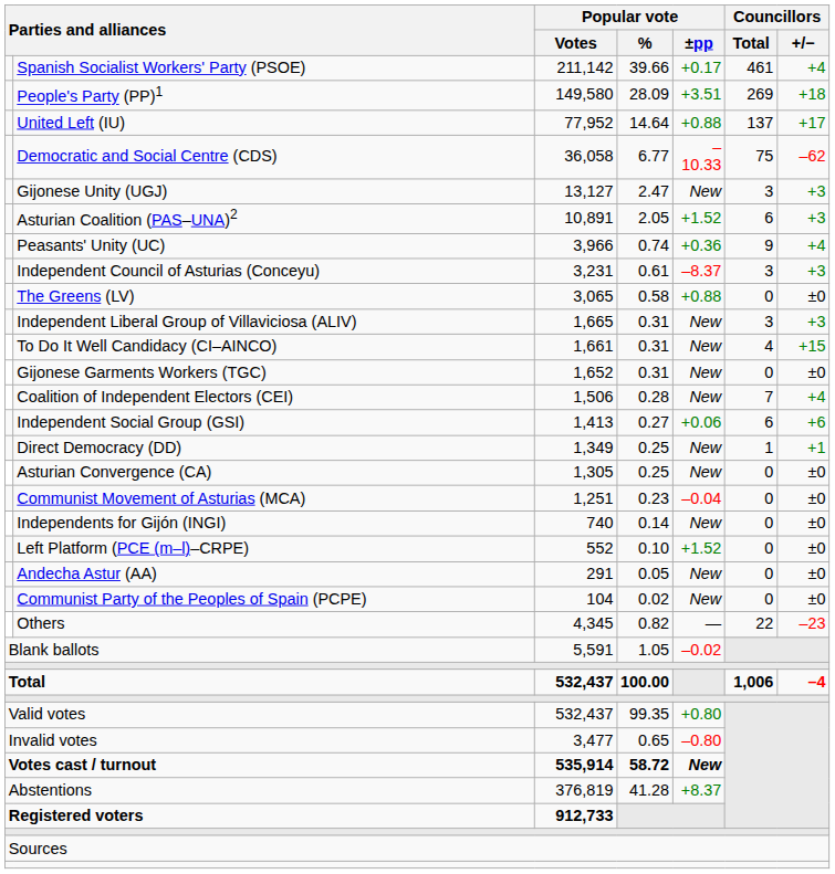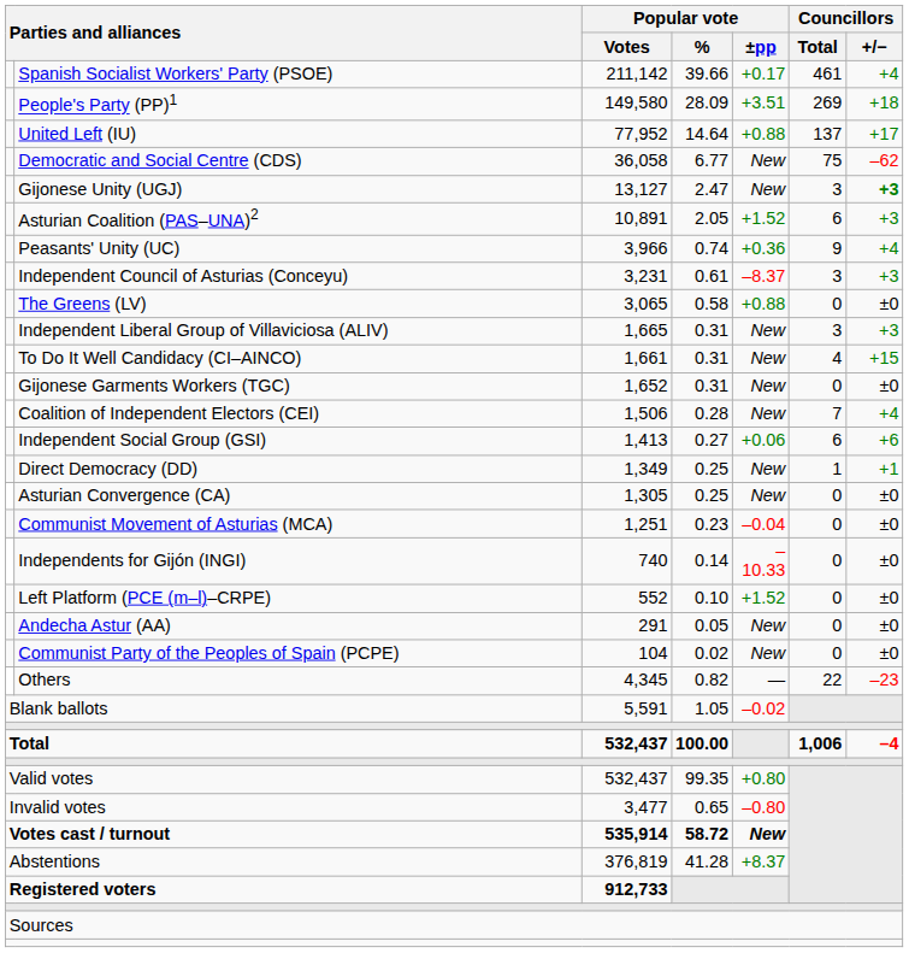 <table class="wikitable" style="text-align:right;">
 <tr>
 <th style="text-align:left;" rowspan="2" colspan="2" width="525">Parties and alliances</th>
 <th colspan="3">Popular vote</th>
 <th colspan="2">Councillors</th>
 </tr>
 <tr>
 <th width="75">Votes</th>
 <th width="45">%</th>
 <th width="45">±<a href='#'>pp</a></th>
 <th width="45">Total</th>
 <th width="45">+/−</th>
 </tr>
 <tr>
 <td width="1" style="color:inherit;background:"></td>
 <td align="left"><a href='#'>Spanish Socialist Workers' Party</a> (PSOE)</td>
 <td>211,142</td>
 <td>39.66</td>
 <td style="color:green;">+0.17</td>
 <td>461</td>
 <td style="color:green;">+4</td>
 </tr>
 <tr>
 <td style="color:inherit;background:"></td>
 <td align="left"><a href='#'>People's Party</a> (PP)<sup>1</sup></td>
 <td>149,580</td>
 <td>28.09</td>
 <td style="color:green;">+3.51</td>
 <td>269</td>
 <td style="color:green;">+18</td>
 </tr>
 <tr>
 <td style="color:inherit;background:"></td>
 <td align="left"><a href='#'>United Left</a> (IU)</td>
 <td>77,952</td>
 <td>14.64</td>
 <td style="color:green;">+0.88</td>
 <td>137</td>
 <td style="color:green;">+17</td>
 </tr>
 <tr>
 <td style="color:inherit;background:"></td>
 <td align="left"><a href='#'>Democratic and Social Centre</a> (CDS)</td>
 <td>36,058</td>
 <td>6.77</td>
-<td style="color:red;">–10.33</td>
+<td><em>New</em></td>
 <td>75</td>
 <td style="color:red;">–62</td>
 </tr>
 <tr>
 <td style="color:inherit;background:"></td>
 <td align="left">Gijonese Unity (UGJ)</td>
 <td>13,127</td>
 <td>2.47</td>
 <td><em>New</em></td>
 <td>3</td>
-<td style="color:green;">+3</td>
+<td style="color:green;"><strong>+3</strong></td>
 </tr>
 <tr>
 <td style="color:inherit;background:"></td>
 <td align="left">Asturian Coalition (<a href='#'>PAS</a>–<a href='#'>UNA</a>)<sup>2</sup></td>
 <td>10,891</td>
 <td>2.05</td>
 <td style="color:green;">+1.52</td>
 <td>6</td>
 <td style="color:green;">+3</td>
 </tr>
 <tr>
 <td style="color:inherit;background:"></td>
 <td align="left">Peasants' Unity (UC)</td>
 <td>3,966</td>
 <td>0.74</td>
 <td style="color:green;">+0.36</td>
 <td>9</td>
 <td style="color:green;">+4</td>
 </tr>
 <tr>
 <td style="color:inherit;background:"></td>
 <td align="left">Independent Council of Asturias (Conceyu)</td>
 <td>3,231</td>
 <td>0.61</td>
 <td style="color:red;">–8.37</td>
 <td>3</td>
 <td style="color:green;">+3</td>
 </tr>
 <tr>
 <td style="color:inherit;background:"></td>
 <td align="left"><a href='#'>The Greens</a> (LV)</td>
 <td>3,065</td>
 <td>0.58</td>
 <td style="color:green;">+0.88</td>
 <td>0</td>
 <td>±0</td>
 </tr>
 <tr>
 <td style="color:inherit;background:"></td>
 <td align="left">Independent Liberal Group of Villaviciosa (ALIV)</td>
 <td>1,665</td>
 <td>0.31</td>
 <td><em>New</em></td>
 <td>3</td>
 <td style="color:green;">+3</td>
 </tr>
 <tr>
 <td bgcolor="white"></td>
 <td align="left">To Do It Well Candidacy (CI–AINCO)</td>
 <td>1,661</td>
 <td>0.31</td>
 <td><em>New</em></td>
 <td>4</td>
 <td style="color:green;">+15</td>
 </tr>
 <tr>
 <td bgcolor="white"></td>
 <td align="left">Gijonese Garments Workers (TGC)</td>
 <td>1,652</td>
 <td>0.31</td>
 <td><em>New</em></td>
 <td>0</td>
 <td>±0</td>
 </tr>
 <tr>
 <td bgcolor="white"></td>
 <td align="left">Coalition of Independent Electors (CEI)</td>
 <td>1,506</td>
 <td>0.28</td>
 <td><em>New</em></td>
 <td>7</td>
 <td style="color:green;">+4</td>
 </tr>
 <tr>
 <td style="color:inherit;background:"></td>
 <td align="left">Independent Social Group (GSI)</td>
 <td>1,413</td>
 <td>0.27</td>
 <td style="color:green;">+0.06</td>
 <td>6</td>
 <td style="color:green;">+6</td>
 </tr>
 <tr>
 <td style="color:inherit;background:"></td>
 <td align="left">Direct Democracy (DD)</td>
 <td>1,349</td>
 <td>0.25</td>
 <td><em>New</em></td>
 <td>1</td>
 <td style="color:green;">+1</td>
 </tr>
 <tr>
 <td bgcolor="white"></td>
 <td align="left">Asturian Convergence (CA)</td>
 <td>1,305</td>
 <td>0.25</td>
 <td><em>New</em></td>
 <td>0</td>
 <td>±0</td>
 </tr>
 <tr>
 <td style="color:inherit;background:"></td>
 <td align="left"><a href='#'>Communist Movement of Asturias</a> (MCA)</td>
 <td>1,251</td>
 <td>0.23</td>
 <td style="color:red;">–0.04</td>
 <td>0</td>
 <td>±0</td>
 </tr>
 <tr>
 <td bgcolor="white"></td>
 <td align="left">Independents for Gijón (INGI)</td>
 <td>740</td>
 <td>0.14</td>
-<td><em>New</em></td>
+<td style="color:red;">–10.33</td>
 <td>0</td>
 <td>±0</td>
 </tr>
 <tr>
 <td style="color:inherit;background:"></td>
 <td align="left">Left Platform (<a href='#'>PCE (m–l)</a>–CRPE)</td>
 <td>552</td>
 <td>0.10</td>
 <td style="color:green;">+1.52</td>
 <td>0</td>
 <td>±0</td>
 </tr>
 <tr>
 <td style="color:inherit;background:"></td>
 <td align="left"><a href='#'>Andecha Astur</a> (AA)</td>
 <td>291</td>
 <td>0.05</td>
 <td><em>New</em></td>
 <td>0</td>
 <td>±0</td>
 </tr>
 <tr>
 <td style="color:inherit;background:"></td>
 <td align="left"><a href='#'>Communist Party of the Peoples of Spain</a> (PCPE)</td>
 <td>104</td>
 <td>0.02</td>
 <td><em>New</em></td>
 <td>0</td>
 <td>±0</td>
 </tr>
 <tr>
 <td bgcolor="white"></td>
 <td align="left">Others</td>
 <td>4,345</td>
 <td>0.82</td>
 <td>—</td>
 <td>22</td>
 <td style="color:red;">–23</td>
 </tr>
 <tr>
 <td align="left" colspan="2">Blank ballots</td>
 <td>5,591</td>
 <td>1.05</td>
 <td style="color:red;">–0.02</td>
 <td bgcolor="#E9E9E9" colspan="2"></td>
 </tr>
 <tr>
 <td colspan="7" bgcolor="#E9E9E9"></td>
 </tr>
 <tr style="font-weight:bold;">
 <td align="left" colspan="2">Total</td>
 <td>532,437</td>
 <td>100.00</td>
 <td bgcolor="#E9E9E9"></td>
 <td>1,006</td>
 <td style="color:red;">–4</td>
 </tr>
 <tr>
 <td colspan="7" bgcolor="#E9E9E9"></td>
 </tr>
 <tr>
 <td align="left" colspan="2">Valid votes</td>
 <td>532,437</td>
 <td>99.35</td>
 <td style="color:green;">+0.80</td>
 <td bgcolor="#E9E9E9" colspan="2" rowspan="5"></td>
 </tr>
 <tr>
 <td align="left" colspan="2">Invalid votes</td>
 <td>3,477</td>
 <td>0.65</td>
 <td style="color:red;">–0.80</td>
 </tr>
 <tr style="font-weight:bold;">
 <td align="left" colspan="2">Votes cast / turnout</td>
 <td>535,914</td>
 <td>58.72</td>
 <td><em>New</em></td>
 </tr>
 <tr>
 <td align="left" colspan="2">Abstentions</td>
 <td>376,819</td>
 <td>41.28</td>
 <td style="color:green;">+8.37</td>
 </tr>
 <tr style="font-weight:bold;">
 <td align="left" colspan="2">Registered voters</td>
 <td>912,733</td>
 <td bgcolor="#E9E9E9" colspan="2"></td>
 </tr>
 <tr>
 <td colspan="7" bgcolor="#E9E9E9"></td>
 </tr>
 <tr>
 <td align="left" colspan="7">Sources</td>
 </tr>
 <tr>
 <td colspan="7" style="text-align:left; max-width:790px;"></td>
 </tr>
 </table>
